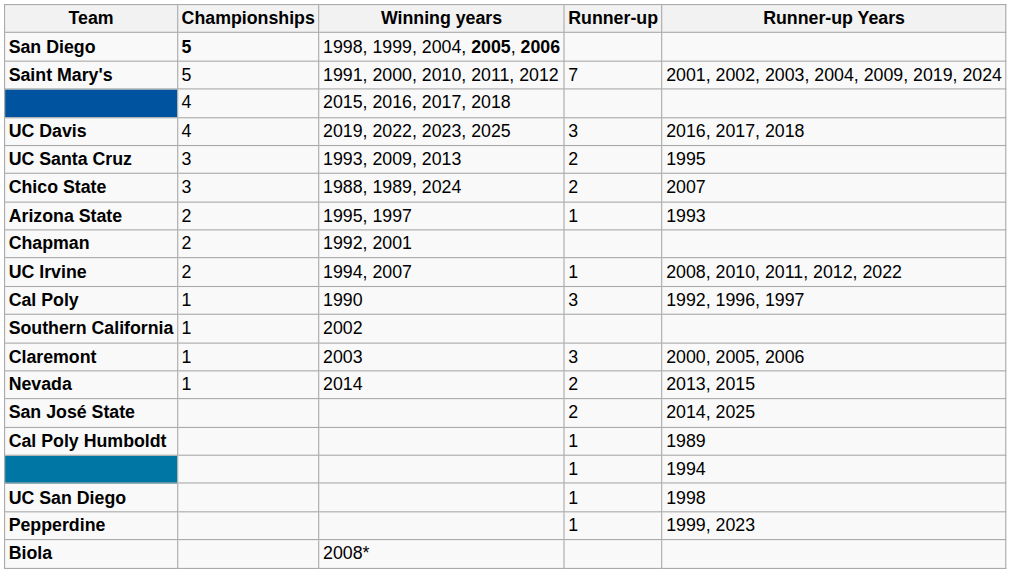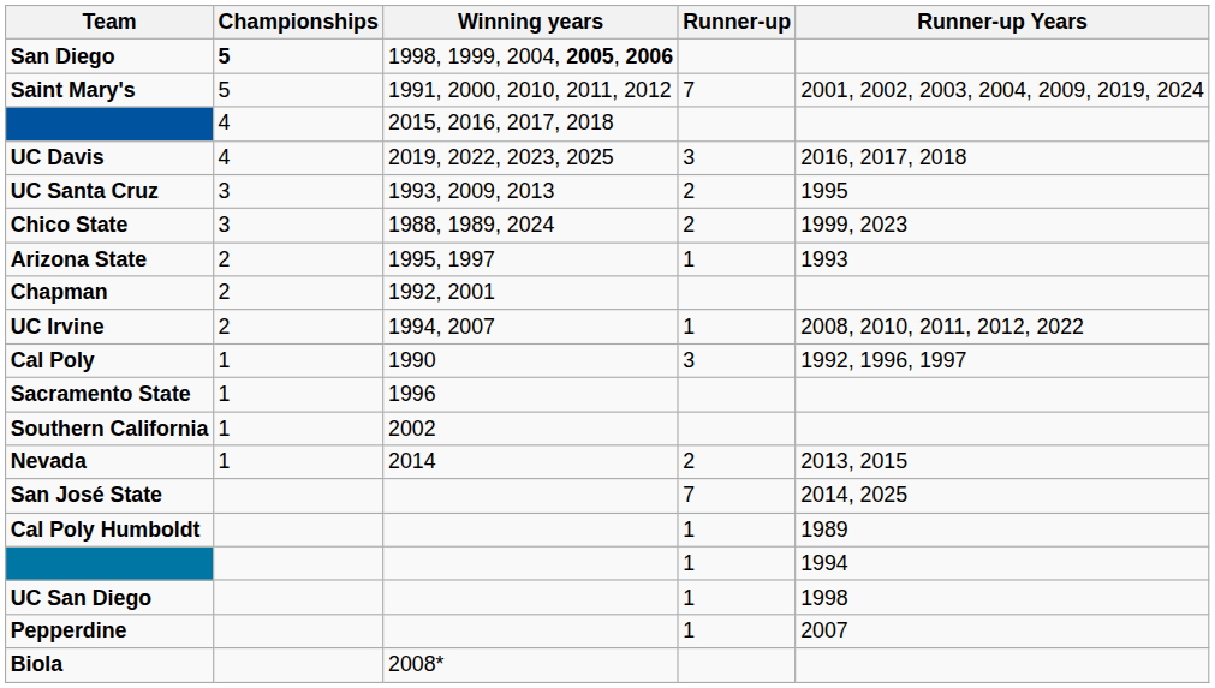 <table class="wikitable">
 <tr>
 <th>Team</th>
 <th>Championships</th>
 <th>Winning years</th>
 <th>Runner-up</th>
 <th>Runner-up Years</th>
 </tr>
 <tr>
 <td><strong>San Diego</strong></td>
 <td><strong>5</strong></td>
 <td>1998, 1999, 2004, <strong>2005</strong>, <strong>2006</strong></td>
 <td></td>
 <td></td>
 </tr>
 <tr>
 <td><strong>Saint Mary's</strong></td>
 <td>5</td>
 <td>1991, 2000, 2010, 2011, 2012</td>
 <td>7</td>
 <td>2001, 2002, 2003, 2004, 2009, 2019, 2024</td>
 </tr>
 <tr>
 <td style="background: #00549F"><strong></strong></td>
 <td>4</td>
 <td>2015, 2016, 2017, 2018</td>
 <td></td>
 <td></td>
 </tr>
 <tr>
 <td><strong>UC Davis</strong></td>
 <td>4</td>
 <td>2019, 2022, 2023, 2025</td>
 <td>3</td>
 <td>2016, 2017, 2018</td>
 </tr>
 <tr>
 <td><strong>UC Santa Cruz</strong></td>
 <td>3</td>
 <td>1993, 2009, 2013</td>
 <td>2</td>
 <td>1995</td>
 </tr>
 <tr>
 <td><strong>Chico State</strong></td>
 <td>3</td>
 <td>1988, 1989, 2024</td>
 <td>2</td>
-<td>2007</td>
+<td>1999, 2023</td>
 </tr>
 <tr>
 <td><strong>Arizona State</strong></td>
 <td>2</td>
 <td>1995, 1997</td>
 <td>1</td>
 <td>1993</td>
 </tr>
 <tr>
 <td><strong>Chapman</strong></td>
 <td>2</td>
 <td>1992, 2001</td>
 <td></td>
 <td></td>
 </tr>
 <tr>
 <td><strong>UC Irvine</strong></td>
 <td>2</td>
 <td>1994, 2007</td>
 <td>1</td>
 <td>2008, 2010, 2011, 2012, 2022</td>
 </tr>
 <tr>
 <td><strong>Cal Poly</strong></td>
 <td>1</td>
 <td>1990</td>
 <td>3</td>
 <td>1992, 1996, 1997</td>
 </tr>
 <tr>
+<td><strong>Sacramento State</strong></td>
+<td>1</td>
+<td>1996</td>
+<td></td>
+<td></td>
+</tr>
+<tr>
 <td><strong>Southern California</strong></td>
 <td>1</td>
 <td>2002</td>
 <td></td>
 <td></td>
-</tr>
-<tr>
-<td><strong>Claremont</strong></td>
-<td>1</td>
-<td>2003</td>
-<td>3</td>
-<td>2000, 2005, 2006</td>
 </tr>
 <tr>
 <td><strong>Nevada</strong></td>
 <td>1</td>
 <td>2014</td>
 <td>2</td>
 <td>2013, 2015</td>
 </tr>
 <tr>
 <td><strong>San José State</strong></td>
 <td></td>
 <td></td>
-<td>2</td>
+<td>7</td>
 <td>2014, 2025</td>
 </tr>
 <tr>
 <td><strong>Cal Poly Humboldt</strong></td>
 <td></td>
 <td></td>
 <td>1</td>
 <td>1989</td>
 </tr>
 <tr>
 <td style="background: #0076A5"><strong></strong></td>
 <td></td>
 <td></td>
 <td>1</td>
 <td>1994</td>
 </tr>
 <tr>
 <td><strong>UC San Diego</strong></td>
 <td></td>
 <td></td>
 <td>1</td>
 <td>1998</td>
 </tr>
 <tr>
 <td><strong>Pepperdine</strong></td>
 <td></td>
 <td></td>
 <td>1</td>
-<td>1999, 2023</td>
+<td>2007</td>
 </tr>
 <tr>
 <td><strong>Biola</strong></td>
 <td></td>
 <td>2008*</td>
 <td></td>
 <td></td>
 </tr>
 </table>
